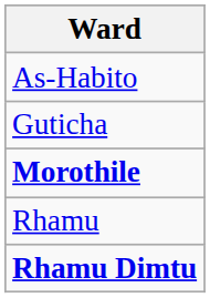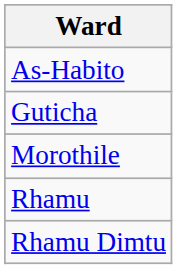 <table class="wikitable">
 <tr>
 <th>Ward</th>
 </tr>
 <tr>
 <td><a href='#'>As-Habito</a></td>
 </tr>
 <tr>
 <td><a href='#'>Guticha</a></td>
 </tr>
 <tr>
-<td><strong><a href='#'>Morothile</a></strong></td>
+<td><a href='#'>Morothile</a></td>
 </tr>
 <tr>
 <td><a href='#'>Rhamu</a></td>
 </tr>
 <tr>
-<td><strong><a href='#'>Rhamu Dimtu</a></strong></td>
+<td><a href='#'>Rhamu Dimtu</a></td>
 </tr>
 </table>
